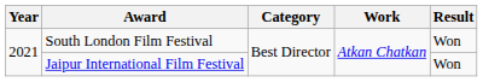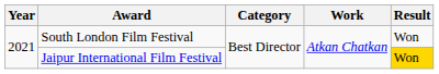 <table class="wikitable">
 <tr>
 <th>Year</th>
 <th>Award</th>
 <th>Category</th>
 <th>Work</th>
 <th>Result</th>
 </tr>
 <tr>
 <td rowspan="2">2021</td>
 <td>South London Film Festival</td>
 <td rowspan="2">Best Director</td>
 <td rowspan="2"><em><a href='#'>Atkan Chatkan</a></em></td>
 <td>Won</td>
 </tr>
 <tr>
 <td><a href='#'>Jaipur International Film Festival</a></td>
-<td>Won</td>
+<td style="background: gold;">Won</td>
 </tr>
 </table>
